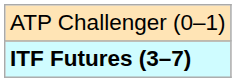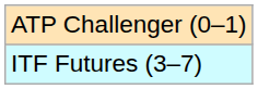 <table class=wikitable style=font-size:97%>
 <tr bgcolor=moccasin>
 <td>ATP Challenger (0–1)</td>
 </tr>
 <tr bgcolor=cffcff>
-<td><strong>ITF Futures (3–7)</strong></td>
+<td>ITF Futures (3–7)</td>
 </tr>
 </table>
